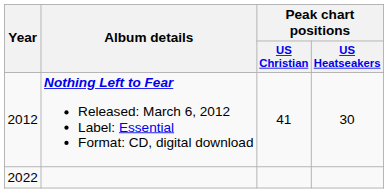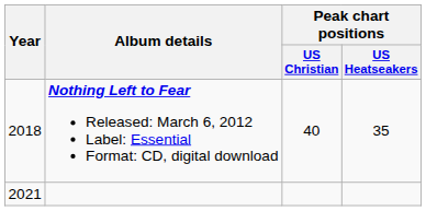 <table class="wikitable" style="text-align:center;">
 <tr>
 <th rowspan="2">Year</th>
 <th rowspan="2">Album details</th>
 <th colspan="4">Peak chart positions</th>
 </tr>
 <tr style="font-size:smaller;">
 <th width="40"><a href='#'>US<br>Christian</a></th>
 <th width="40"><a href='#'>US<br>Heatseakers</a></th>
 </tr>
 <tr>
-<td>2012</td>
+<td>2018</td>
 <td align="left"><strong><em><a href='#'>Nothing Left to Fear</a></em></strong><br><ul><li>Released: March 6, 2012</li><li>Label: <a href='#'>Essential</a></li><li>Format: CD, digital download</li></ul></td>
-<td>41</td>
-<td>30</td>
+<td>40</td>
+<td>35</td>
 </tr>
 <tr>
-<td>2022</td>
+<td>2021</td>
 <td><em></em></td>
 <td></td>
 <td></td>
 </tr>
 </table>
